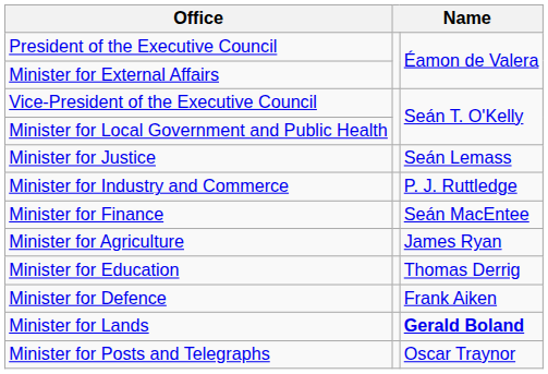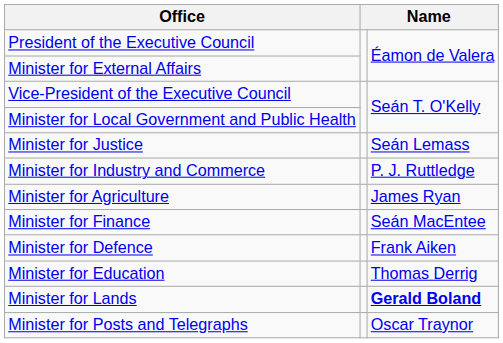 <table class="wikitable">
 <tr>
 <th>Office</th>
 <th colspan="2">Name</th>
 </tr>
 <tr>
 <td><a href='#'>President of the Executive Council</a></td>
 <td rowspan=2 style="background-color: "></td>
 <td rowspan=2><a href='#'>Éamon de Valera</a></td>
 </tr>
 <tr>
 <td><a href='#'>Minister for External Affairs</a></td>
 </tr>
 <tr>
 <td><a href='#'>Vice-President of the Executive Council</a></td>
 <td rowspan=2 style="background-color: "></td>
 <td rowspan=2><a href='#'>Seán T. O'Kelly</a></td>
 </tr>
 <tr>
 <td><a href='#'>Minister for Local Government and Public Health</a></td>
 </tr>
 <tr>
 <td><a href='#'>Minister for Justice</a></td>
 <td style="background-color: "></td>
 <td><a href='#'>Seán Lemass</a></td>
 </tr>
 <tr>
 <td><a href='#'>Minister for Industry and Commerce</a></td>
 <td style="background-color: "></td>
 <td><a href='#'>P. J. Ruttledge</a></td>
 </tr>
 <tr>
+<td><a href='#'>Minister for Agriculture</a></td>
+<td style="background-color: "></td>
+<td><a href='#'>James Ryan</a></td>
+</tr>
+<tr>
 <td><a href='#'>Minister for Finance</a></td>
 <td style="background-color: "></td>
 <td><a href='#'>Seán MacEntee</a></td>
 </tr>
 <tr>
-<td><a href='#'>Minister for Agriculture</a></td>
+<td><a href='#'>Minister for Defence</a></td>
 <td style="background-color: "></td>
-<td><a href='#'>James Ryan</a></td>
+<td><a href='#'>Frank Aiken</a></td>
 </tr>
 <tr>
 <td><a href='#'>Minister for Education</a></td>
 <td style="background-color: "></td>
 <td><a href='#'>Thomas Derrig</a></td>
-</tr>
-<tr>
-<td><a href='#'>Minister for Defence</a></td>
-<td style="background-color: "></td>
-<td><a href='#'>Frank Aiken</a></td>
 </tr>
 <tr>
 <td><a href='#'>Minister for Lands</a></td>
 <td style="background-color: "></td>
 <td><strong><a href='#'>Gerald Boland</a></strong></td>
 </tr>
 <tr>
 <td><a href='#'>Minister for Posts and Telegraphs</a></td>
 <td style="background-color: "></td>
 <td><a href='#'>Oscar Traynor</a></td>
 </tr>
 </table>
